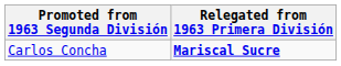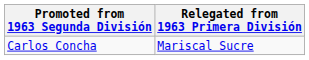 <table class="wikitable">
 <tr>
 <th>Promoted from<br><a href='#'>1963 Segunda División</a></th>
 <th>Relegated from<br><a href='#'>1963 Primera División</a></th>
 </tr>
 <tr>
 <td> <a href='#'>Carlos Concha</a> </td>
-<td><strong> <a href='#'>Mariscal Sucre</a> </strong></td>
+<td> <a href='#'>Mariscal Sucre</a> </td>
 </tr>
 </table>
